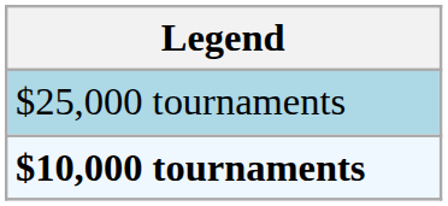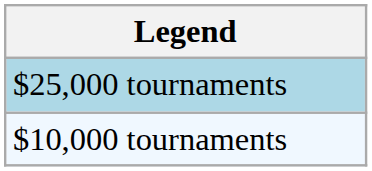 <table class=wikitable style="font-size:85%" width=12%>
 <tr>
 <th>Legend</th>
 </tr>
 <tr style="background:lightblue;">
 <td>$25,000 tournaments</td>
 </tr>
 <tr style="background:#f0f8ff;">
-<td><strong>$10,000 tournaments</strong></td>
+<td>$10,000 tournaments</td>
 </tr>
 </table>
